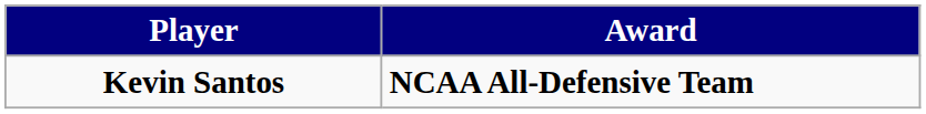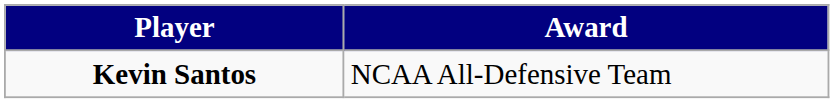 <table class="wikitable" style="text-align: left">
 <tr>
 <th style="color: white; background-color: #020080; width:180px">Player</th>
 <th style="color: white; background-color: #020080; width:260px">Award</th>
 </tr>
 <tr>
 <td style="text-align:center;"><strong>Kevin Santos</strong></td>
-<td><strong>NCAA All-Defensive Team</strong></td>
+<td>NCAA All-Defensive Team</td>
 </tr>
 </table>
